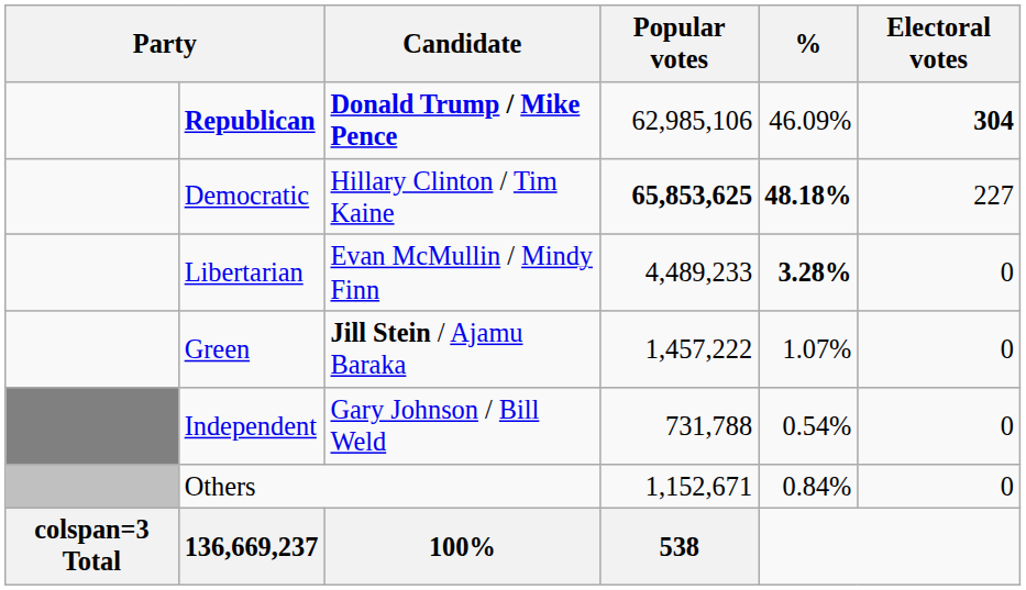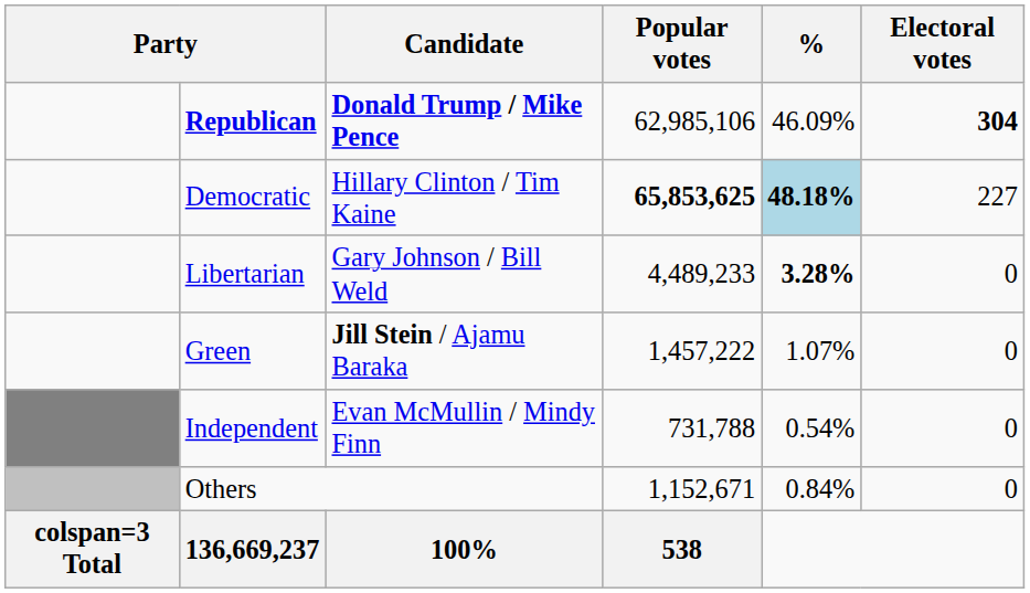 <table class="wikitable" style="text-align:right; line-height:1.2">
 <tr>
 <th colspan=2>Party</th>
 <th>Candidate</th>
 <th>Popular votes</th>
 <th>%</th>
 <th>Electoral votes</th>
 </tr>
 <tr>
 <td style=background-color:></td>
 <td align=left><strong><a href='#'>Republican</a></strong></td>
 <td align=left><strong><a href='#'>Donald Trump</a> / <a href='#'>Mike Pence</a></strong></td>
 <td>62,985,106</td>
 <td>46.09%</td>
 <td><strong>304</strong></td>
 </tr>
 <tr>
 <td style=background:></td>
 <td align=left><a href='#'>Democratic</a></td>
 <td align=left><a href='#'>Hillary Clinton</a> / <a href='#'>Tim Kaine</a></td>
 <td><strong>65,853,625</strong></td>
-<td><strong>48.18%</strong></td>
+<td style="background: lightblue;"><strong>48.18%</strong></td>
 <td>227</td>
 </tr>
 <tr>
 <td style=background:></td>
 <td align=left><a href='#'>Libertarian</a></td>
-<td align=left><a href='#'>Evan McMullin</a> / <a href='#'>Mindy Finn</a></td>
+<td align=left><a href='#'>Gary Johnson</a> / <a href='#'>Bill Weld</a></td>
 <td>4,489,233</td>
 <td><strong>3.28%</strong></td>
 <td>0</td>
 </tr>
 <tr>
 <td style=background:></td>
 <td align=left><a href='#'>Green</a></td>
 <td align=left><strong>Jill Stein</strong> / <a href='#'>Ajamu Baraka</a></td>
 <td>1,457,222</td>
 <td>1.07%</td>
 <td>0</td>
 </tr>
 <tr>
 <td bgcolor=grey></td>
 <td align=left><a href='#'>Independent</a></td>
-<td align=left><a href='#'>Gary Johnson</a> / <a href='#'>Bill Weld</a></td>
+<td align=left><a href='#'>Evan McMullin</a> / <a href='#'>Mindy Finn</a></td>
 <td>731,788</td>
 <td>0.54%</td>
 <td>0</td>
 </tr>
 <tr>
 <td bgcolor=#C0C0C0></td>
 <td colspan=2 align=left>Others</td>
 <td>1,152,671</td>
 <td>0.84%</td>
 <td>0</td>
 </tr>
 <tr>
 <th>colspan=3  Total</th>
 <th> 136,669,237</th>
 <th> 100%</th>
 <th> 538</th>
 </tr>
 </table>
